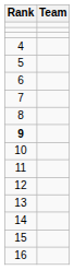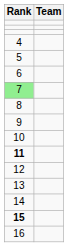 <table class=wikitable style="text-align:left;">
 <tr>
 <th>Rank</th>
 <th>Team</th>
 </tr>
 <tr>
 <td align=center></td>
 <td></td>
 </tr>
 <tr>
 <td align=center></td>
 <td></td>
 </tr>
 <tr>
 <td align=center></td>
 <td></td>
 </tr>
 <tr>
 <td align=center>4</td>
 <td></td>
 </tr>
 <tr>
 <td align=center>5</td>
 <td></td>
 </tr>
 <tr>
 <td align=center>6</td>
 <td></td>
 </tr>
 <tr>
-<td align=center>7</td>
+<td align=center style="background: lightgreen;">7</td>
 <td></td>
 </tr>
 <tr>
 <td align=center>8</td>
 <td></td>
 </tr>
 <tr>
-<td align=center><strong>9</strong></td>
+<td align=center>9</td>
 <td></td>
 </tr>
 <tr>
 <td align=center>10</td>
 <td></td>
 </tr>
 <tr>
-<td align=center>11</td>
+<td align=center><strong>11</strong></td>
 <td></td>
 </tr>
 <tr>
 <td align=center>12</td>
 <td></td>
 </tr>
 <tr>
 <td align=center>13</td>
 <td></td>
 </tr>
 <tr>
 <td align=center>14</td>
 <td></td>
 </tr>
 <tr>
-<td align=center>15</td>
+<td align=center><strong>15</strong></td>
 <td></td>
 </tr>
 <tr>
 <td align=center>16</td>
 <td></td>
 </tr>
 </table>
